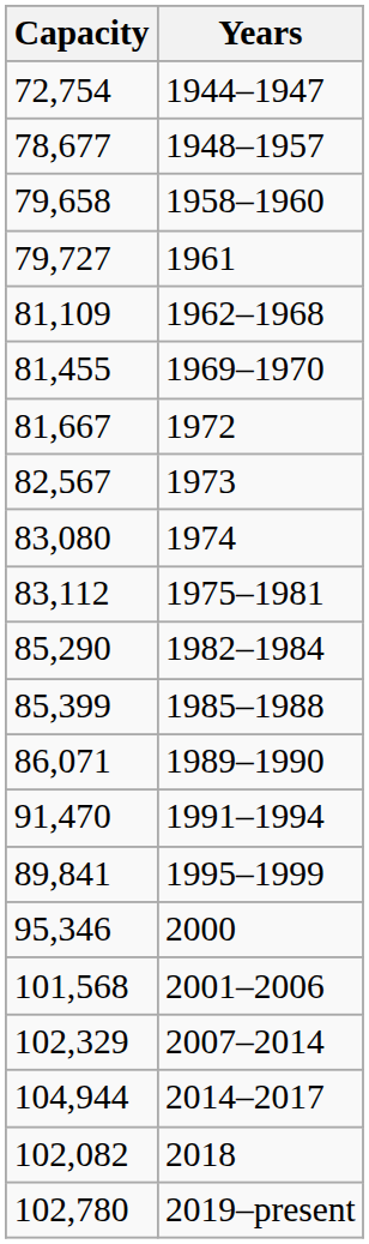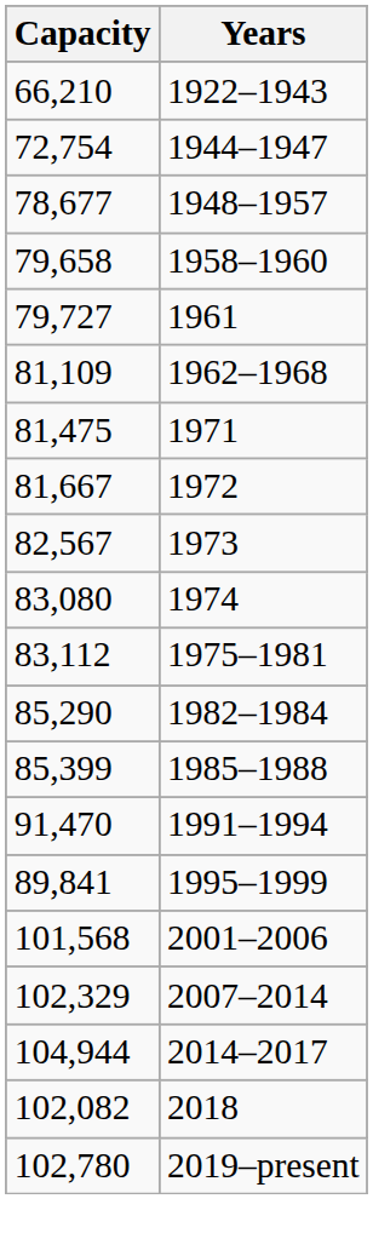 <table class="wikitable">
 <tr>
 <th>Capacity</th>
 <th>Years</th>
+</tr>
+<tr>
+<td>66,210</td>
+<td>1922–1943</td>
 </tr>
 <tr>
 <td>72,754</td>
 <td>1944–1947</td>
 </tr>
 <tr>
 <td>78,677</td>
 <td>1948–1957</td>
 </tr>
 <tr>
 <td>79,658</td>
 <td>1958–1960</td>
 </tr>
 <tr>
 <td>79,727</td>
 <td>1961</td>
 </tr>
 <tr>
 <td>81,109</td>
 <td>1962–1968</td>
 </tr>
 <tr>
-<td>81,455</td>
-<td>1969–1970</td>
+<td>81,475</td>
+<td>1971</td>
 </tr>
 <tr>
 <td>81,667</td>
 <td>1972</td>
 </tr>
 <tr>
 <td>82,567</td>
 <td>1973</td>
 </tr>
 <tr>
 <td>83,080</td>
 <td>1974</td>
 </tr>
 <tr>
 <td>83,112</td>
 <td>1975–1981</td>
 </tr>
 <tr>
 <td>85,290</td>
 <td>1982–1984</td>
 </tr>
 <tr>
 <td>85,399</td>
 <td>1985–1988</td>
 </tr>
 <tr>
-<td>86,071</td>
-<td>1989–1990</td>
-</tr>
-<tr>
 <td>91,470</td>
 <td>1991–1994</td>
 </tr>
 <tr>
 <td>89,841</td>
 <td>1995–1999</td>
-</tr>
-<tr>
-<td>95,346</td>
-<td>2000</td>
 </tr>
 <tr>
 <td>101,568</td>
 <td>2001–2006</td>
 </tr>
 <tr>
 <td>102,329</td>
 <td>2007–2014</td>
 </tr>
 <tr>
 <td>104,944</td>
 <td>2014–2017</td>
 </tr>
 <tr>
 <td>102,082</td>
 <td>2018</td>
 </tr>
 <tr>
 <td>102,780</td>
 <td>2019–present</td>
 </tr>
 </table>
